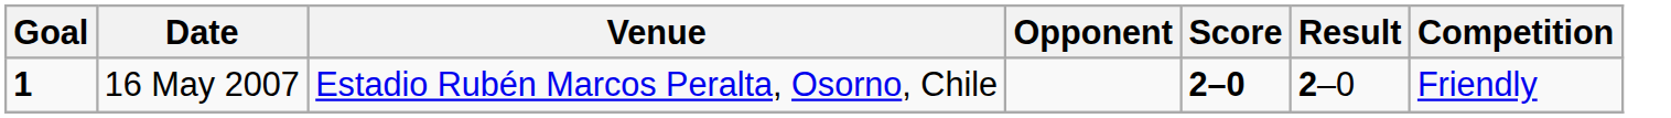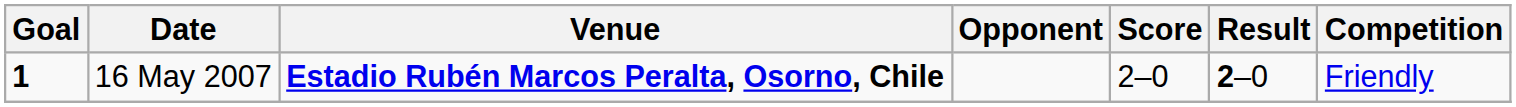 <table class="wikitable collapsible collapsed" style=font-size:85%>
 <tr>
 <th>Goal</th>
 <th>Date</th>
 <th>Venue</th>
 <th>Opponent</th>
 <th>Score</th>
 <th>Result</th>
 <th>Competition</th>
 </tr>
 <tr>
 <td><strong>1</strong></td>
 <td>16 May 2007</td>
-<td><a href='#'>Estadio Rubén Marcos Peralta</a>, <a href='#'>Osorno</a>, Chile</td>
+<td><strong><a href='#'>Estadio Rubén Marcos Peralta</a>, <a href='#'>Osorno</a>, Chile</strong></td>
 <td align=left></td>
-<td><strong>2–0</strong></td>
+<td>2–0</td>
 <td><strong>2</strong>–0</td>
 <td><a href='#'>Friendly</a></td>
 </tr>
 <tr>
 </tr>
 </table>
